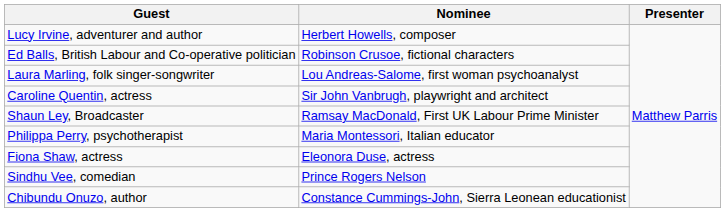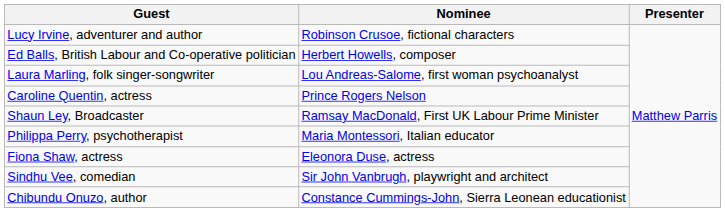 <table class="wikitable">
 <tr>
 <th>Guest</th>
 <th>Nominee</th>
 <th>Presenter</th>
 </tr>
 <tr>
 <td><a href='#'>Lucy Irvine</a>, adventurer and author</td>
-<td><a href='#'>Herbert Howells</a>, composer</td>
+<td><a href='#'>Robinson Crusoe</a>, fictional characters</td>
 <td rowspan="9"><a href='#'>Matthew Parris</a></td>
 </tr>
 <tr>
 <td><a href='#'>Ed Balls</a>, British Labour and Co-operative politician</td>
-<td><a href='#'>Robinson Crusoe</a>, fictional characters</td>
+<td><a href='#'>Herbert Howells</a>, composer</td>
 </tr>
 <tr>
 <td><a href='#'>Laura Marling</a>, folk singer-songwriter</td>
 <td><a href='#'>Lou Andreas-Salome</a>, first woman psychoanalyst</td>
 </tr>
 <tr>
 <td><a href='#'>Caroline Quentin</a>, actress</td>
-<td><a href='#'>Sir John Vanbrugh</a>, playwright and architect</td>
+<td><a href='#'>Prince Rogers Nelson</a></td>
 </tr>
 <tr>
 <td><a href='#'>Shaun Ley</a>, Broadcaster</td>
 <td><a href='#'>Ramsay MacDonald</a>, First UK Labour Prime Minister</td>
 </tr>
 <tr>
 <td><a href='#'>Philippa Perry</a>, psychotherapist</td>
 <td><a href='#'>Maria Montessori</a>, Italian educator</td>
 </tr>
 <tr>
 <td><a href='#'>Fiona Shaw</a>, actress</td>
 <td><a href='#'>Eleonora Duse</a>, actress</td>
 </tr>
 <tr>
 <td><a href='#'>Sindhu Vee</a>, comedian</td>
-<td><a href='#'>Prince Rogers Nelson</a></td>
+<td><a href='#'>Sir John Vanbrugh</a>, playwright and architect</td>
 </tr>
 <tr>
 <td><a href='#'>Chibundu Onuzo</a>, author</td>
 <td><a href='#'>Constance Cummings-John</a>, Sierra Leonean educationist</td>
 </tr>
 </table>
